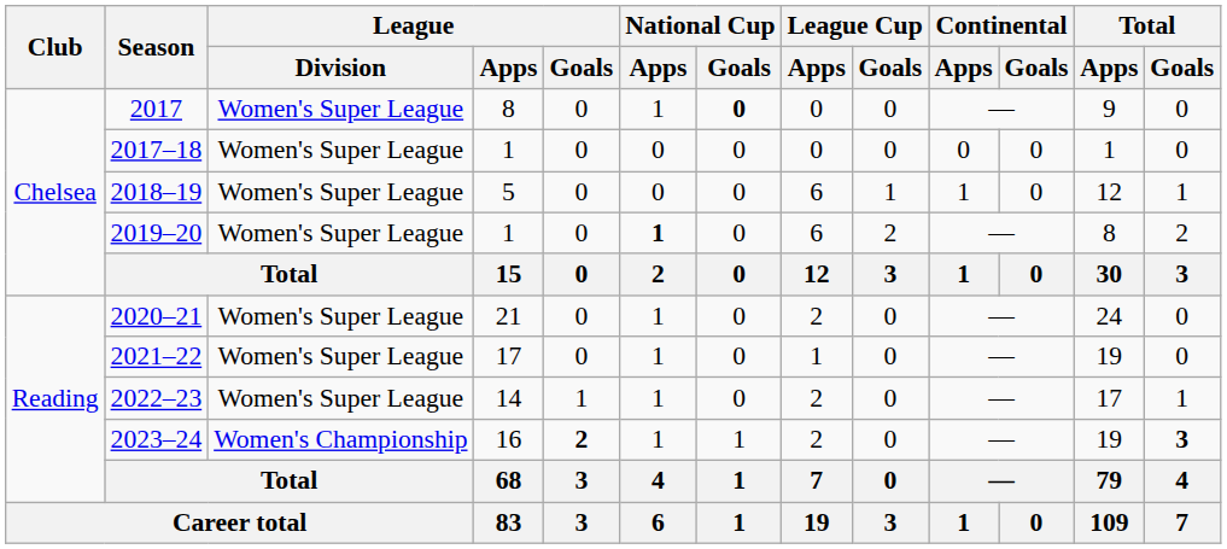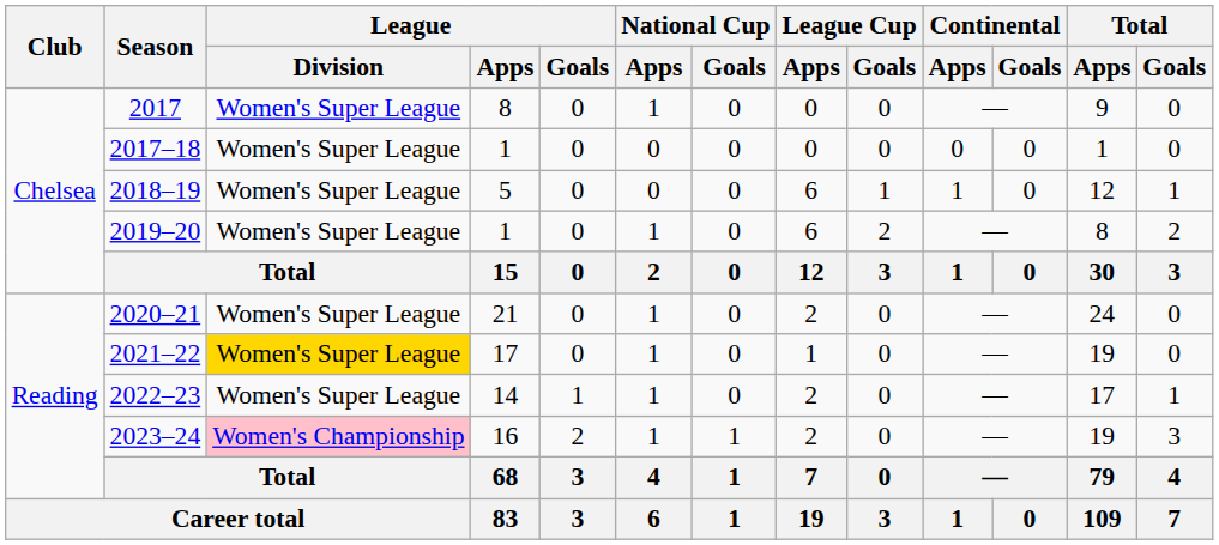 <table class="wikitable" style="text-align:center">
 <tr>
 <th rowspan="2">Club</th>
 <th rowspan="2">Season</th>
 <th colspan="3">League</th>
 <th colspan="2">National Cup</th>
 <th colspan="2">League Cup</th>
 <th colspan="2">Continental</th>
 <th colspan="2">Total</th>
 </tr>
 <tr>
 <th>Division</th>
 <th>Apps</th>
 <th>Goals</th>
 <th>Apps</th>
 <th>Goals</th>
 <th>Apps</th>
 <th>Goals</th>
 <th>Apps</th>
 <th>Goals</th>
 <th>Apps</th>
 <th>Goals</th>
 </tr>
 <tr>
 <td rowspan="5"><a href='#'>Chelsea</a></td>
 <td><a href='#'>2017</a></td>
 <td><a href='#'>Women's Super League</a></td>
 <td>8</td>
 <td>0</td>
 <td>1</td>
-<td><strong>0</strong></td>
+<td>0</td>
 <td>0</td>
 <td>0</td>
 <td colspan="2">—</td>
 <td>9</td>
 <td>0</td>
 </tr>
 <tr>
 <td><a href='#'>2017–18</a></td>
 <td>Women's Super League</td>
 <td>1</td>
 <td>0</td>
 <td>0</td>
 <td>0</td>
 <td>0</td>
 <td>0</td>
 <td>0</td>
 <td>0</td>
 <td>1</td>
 <td>0</td>
 </tr>
 <tr>
 <td><a href='#'>2018–19</a></td>
 <td>Women's Super League</td>
 <td>5</td>
 <td>0</td>
 <td>0</td>
 <td>0</td>
 <td>6</td>
 <td>1</td>
 <td>1</td>
 <td>0</td>
 <td>12</td>
 <td>1</td>
 </tr>
 <tr>
 <td><a href='#'>2019–20</a></td>
 <td>Women's Super League</td>
 <td>1</td>
 <td>0</td>
-<td><strong>1</strong></td>
+<td>1</td>
 <td>0</td>
 <td>6</td>
 <td>2</td>
 <td colspan="2">—</td>
 <td>8</td>
 <td>2</td>
 </tr>
 <tr>
 <th colspan="2">Total</th>
 <th>15</th>
 <th>0</th>
 <th>2</th>
 <th>0</th>
 <th>12</th>
 <th>3</th>
 <th>1</th>
 <th>0</th>
 <th>30</th>
 <th>3</th>
 </tr>
 <tr>
 <td rowspan="5"><a href='#'>Reading</a></td>
 <td><a href='#'>2020–21</a></td>
 <td>Women's Super League</td>
 <td>21</td>
 <td>0</td>
 <td>1</td>
 <td>0</td>
 <td>2</td>
 <td>0</td>
 <td colspan="2">—</td>
 <td>24</td>
 <td>0</td>
 </tr>
 <tr>
 <td><a href='#'>2021–22</a></td>
-<td>Women's Super League</td>
+<td style="background: gold;">Women's Super League</td>
 <td>17</td>
 <td>0</td>
 <td>1</td>
 <td>0</td>
 <td>1</td>
 <td>0</td>
 <td colspan="2">—</td>
 <td>19</td>
 <td>0</td>
 </tr>
 <tr>
 <td><a href='#'>2022–23</a></td>
 <td>Women's Super League</td>
 <td>14</td>
 <td>1</td>
 <td>1</td>
 <td>0</td>
 <td>2</td>
 <td>0</td>
 <td colspan="2">—</td>
 <td>17</td>
 <td>1</td>
 </tr>
 <tr>
 <td><a href='#'>2023–24</a></td>
-<td><a href='#'>Women's Championship</a></td>
+<td style="background: pink;"><a href='#'>Women's Championship</a></td>
 <td>16</td>
-<td><strong>2</strong></td>
+<td>2</td>
 <td>1</td>
 <td>1</td>
 <td>2</td>
 <td>0</td>
 <td colspan="2">—</td>
 <td>19</td>
-<td><strong>3</strong></td>
+<td>3</td>
 </tr>
 <tr>
 <th colspan="2">Total</th>
 <th>68</th>
 <th>3</th>
 <th>4</th>
 <th>1</th>
 <th>7</th>
 <th>0</th>
 <th colspan="2">—</th>
 <th>79</th>
 <th>4</th>
 </tr>
 <tr>
 <th colspan="3">Career total</th>
 <th>83</th>
 <th>3</th>
 <th>6</th>
 <th>1</th>
 <th>19</th>
 <th>3</th>
 <th>1</th>
 <th>0</th>
 <th>109</th>
 <th>7</th>
 </tr>
 </table>
